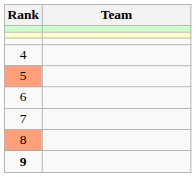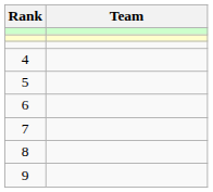 <table class="wikitable">
 <tr>
 <th>Rank</th>
 <th width=170>Team</th>
 </tr>
 <tr bgcolor=#ccffcc>
 <td align=center></td>
 <td></td>
 </tr>
 <tr bgcolor=#ffffcc>
 <td align=center></td>
 <td></td>
 </tr>
 <tr>
 <td align=center></td>
 <td></td>
 </tr>
 <tr>
 <td align=center>4</td>
 <td></td>
 </tr>
 <tr>
-<td align=center style="background: lightsalmon;">5</td>
+<td align=center>5</td>
 <td></td>
 </tr>
 <tr>
 <td align=center>6</td>
 <td></td>
 </tr>
 <tr>
 <td align=center>7</td>
 <td></td>
 </tr>
 <tr>
-<td align=center style="background: lightsalmon;">8</td>
+<td align=center>8</td>
 <td></td>
 </tr>
 <tr>
-<td align=center><strong>9</strong></td>
+<td align=center>9</td>
 <td></td>
 </tr>
 </table>
